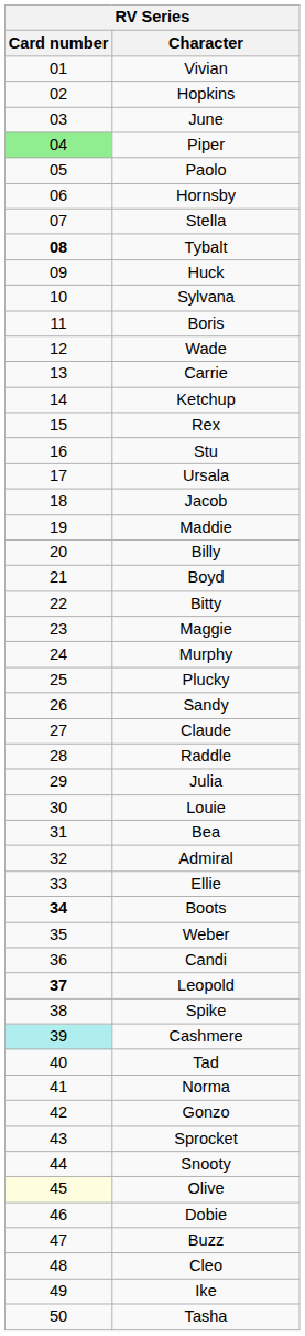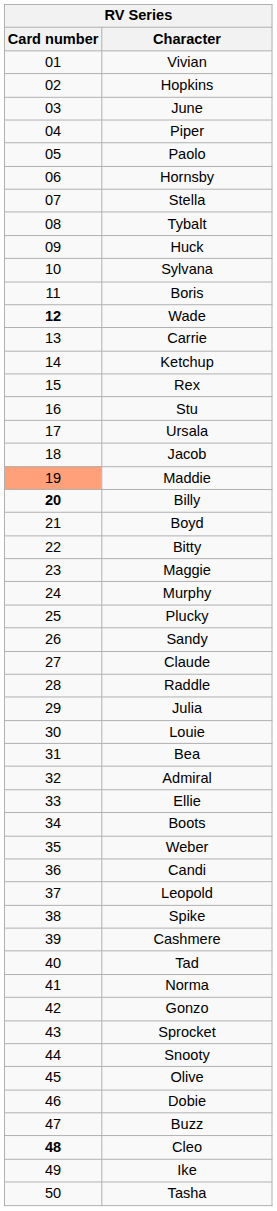 <table class="wikitable collapsible collapsed sortable" style="text-align:center;">
 <tr>
 <th colspan="2">RV Series</th>
 </tr>
 <tr>
 <th>Card number</th>
 <th style="width:180px">Character</th>
 </tr>
 <tr>
 <td>01</td>
 <td>Vivian</td>
 </tr>
 <tr>
 <td>02</td>
 <td>Hopkins</td>
 </tr>
 <tr>
 <td>03</td>
 <td>June</td>
 </tr>
 <tr>
-<td style="background: lightgreen;">04</td>
+<td>04</td>
 <td>Piper</td>
 </tr>
 <tr>
 <td>05</td>
 <td>Paolo</td>
 </tr>
 <tr>
 <td>06</td>
 <td>Hornsby</td>
 </tr>
 <tr>
 <td>07</td>
 <td>Stella</td>
 </tr>
 <tr>
-<td><strong>08</strong></td>
+<td>08</td>
 <td>Tybalt</td>
 </tr>
 <tr>
 <td>09</td>
 <td>Huck</td>
 </tr>
 <tr>
 <td>10</td>
 <td>Sylvana</td>
 </tr>
 <tr>
 <td>11</td>
 <td>Boris</td>
 </tr>
 <tr>
-<td>12</td>
+<td><strong>12</strong></td>
 <td>Wade</td>
 </tr>
 <tr>
 <td>13</td>
 <td>Carrie</td>
 </tr>
 <tr>
 <td>14</td>
 <td>Ketchup</td>
 </tr>
 <tr>
 <td>15</td>
 <td>Rex</td>
 </tr>
 <tr>
 <td>16</td>
 <td>Stu</td>
 </tr>
 <tr>
 <td>17</td>
 <td>Ursala</td>
 </tr>
 <tr>
 <td>18</td>
 <td>Jacob</td>
 </tr>
 <tr>
-<td>19</td>
+<td style="background: lightsalmon;">19</td>
 <td>Maddie</td>
 </tr>
 <tr>
-<td>20</td>
+<td><strong>20</strong></td>
 <td>Billy</td>
 </tr>
 <tr>
 <td>21</td>
 <td>Boyd</td>
 </tr>
 <tr>
 <td>22</td>
 <td>Bitty</td>
 </tr>
 <tr>
 <td>23</td>
 <td>Maggie</td>
 </tr>
 <tr>
 <td>24</td>
 <td>Murphy</td>
 </tr>
 <tr>
 <td>25</td>
 <td>Plucky</td>
 </tr>
 <tr>
 <td>26</td>
 <td>Sandy</td>
 </tr>
 <tr>
 <td>27</td>
 <td>Claude</td>
 </tr>
 <tr>
 <td>28</td>
 <td>Raddle</td>
 </tr>
 <tr>
 <td>29</td>
 <td>Julia</td>
 </tr>
 <tr>
 <td>30</td>
 <td>Louie</td>
 </tr>
 <tr>
 <td>31</td>
 <td>Bea</td>
 </tr>
 <tr>
 <td>32</td>
 <td>Admiral</td>
 </tr>
 <tr>
 <td>33</td>
 <td>Ellie</td>
 </tr>
 <tr>
-<td><strong>34</strong></td>
+<td>34</td>
 <td>Boots</td>
 </tr>
 <tr>
 <td>35</td>
 <td>Weber</td>
 </tr>
 <tr>
 <td>36</td>
 <td>Candi</td>
 </tr>
 <tr>
-<td><strong>37</strong></td>
+<td>37</td>
 <td>Leopold</td>
 </tr>
 <tr>
 <td>38</td>
 <td>Spike</td>
 </tr>
 <tr>
-<td style="background: paleturquoise;">39</td>
+<td>39</td>
 <td>Cashmere</td>
 </tr>
 <tr>
 <td>40</td>
 <td>Tad</td>
 </tr>
 <tr>
 <td>41</td>
 <td>Norma</td>
 </tr>
 <tr>
 <td>42</td>
 <td>Gonzo</td>
 </tr>
 <tr>
 <td>43</td>
 <td>Sprocket</td>
 </tr>
 <tr>
 <td>44</td>
 <td>Snooty</td>
 </tr>
 <tr>
-<td style="background: lightyellow;">45</td>
+<td>45</td>
 <td>Olive</td>
 </tr>
 <tr>
 <td>46</td>
 <td>Dobie</td>
 </tr>
 <tr>
 <td>47</td>
 <td>Buzz</td>
 </tr>
 <tr>
-<td>48</td>
+<td><strong>48</strong></td>
 <td>Cleo</td>
 </tr>
 <tr>
 <td>49</td>
 <td>Ike</td>
 </tr>
 <tr>
 <td>50</td>
 <td>Tasha</td>
 </tr>
 </table>
